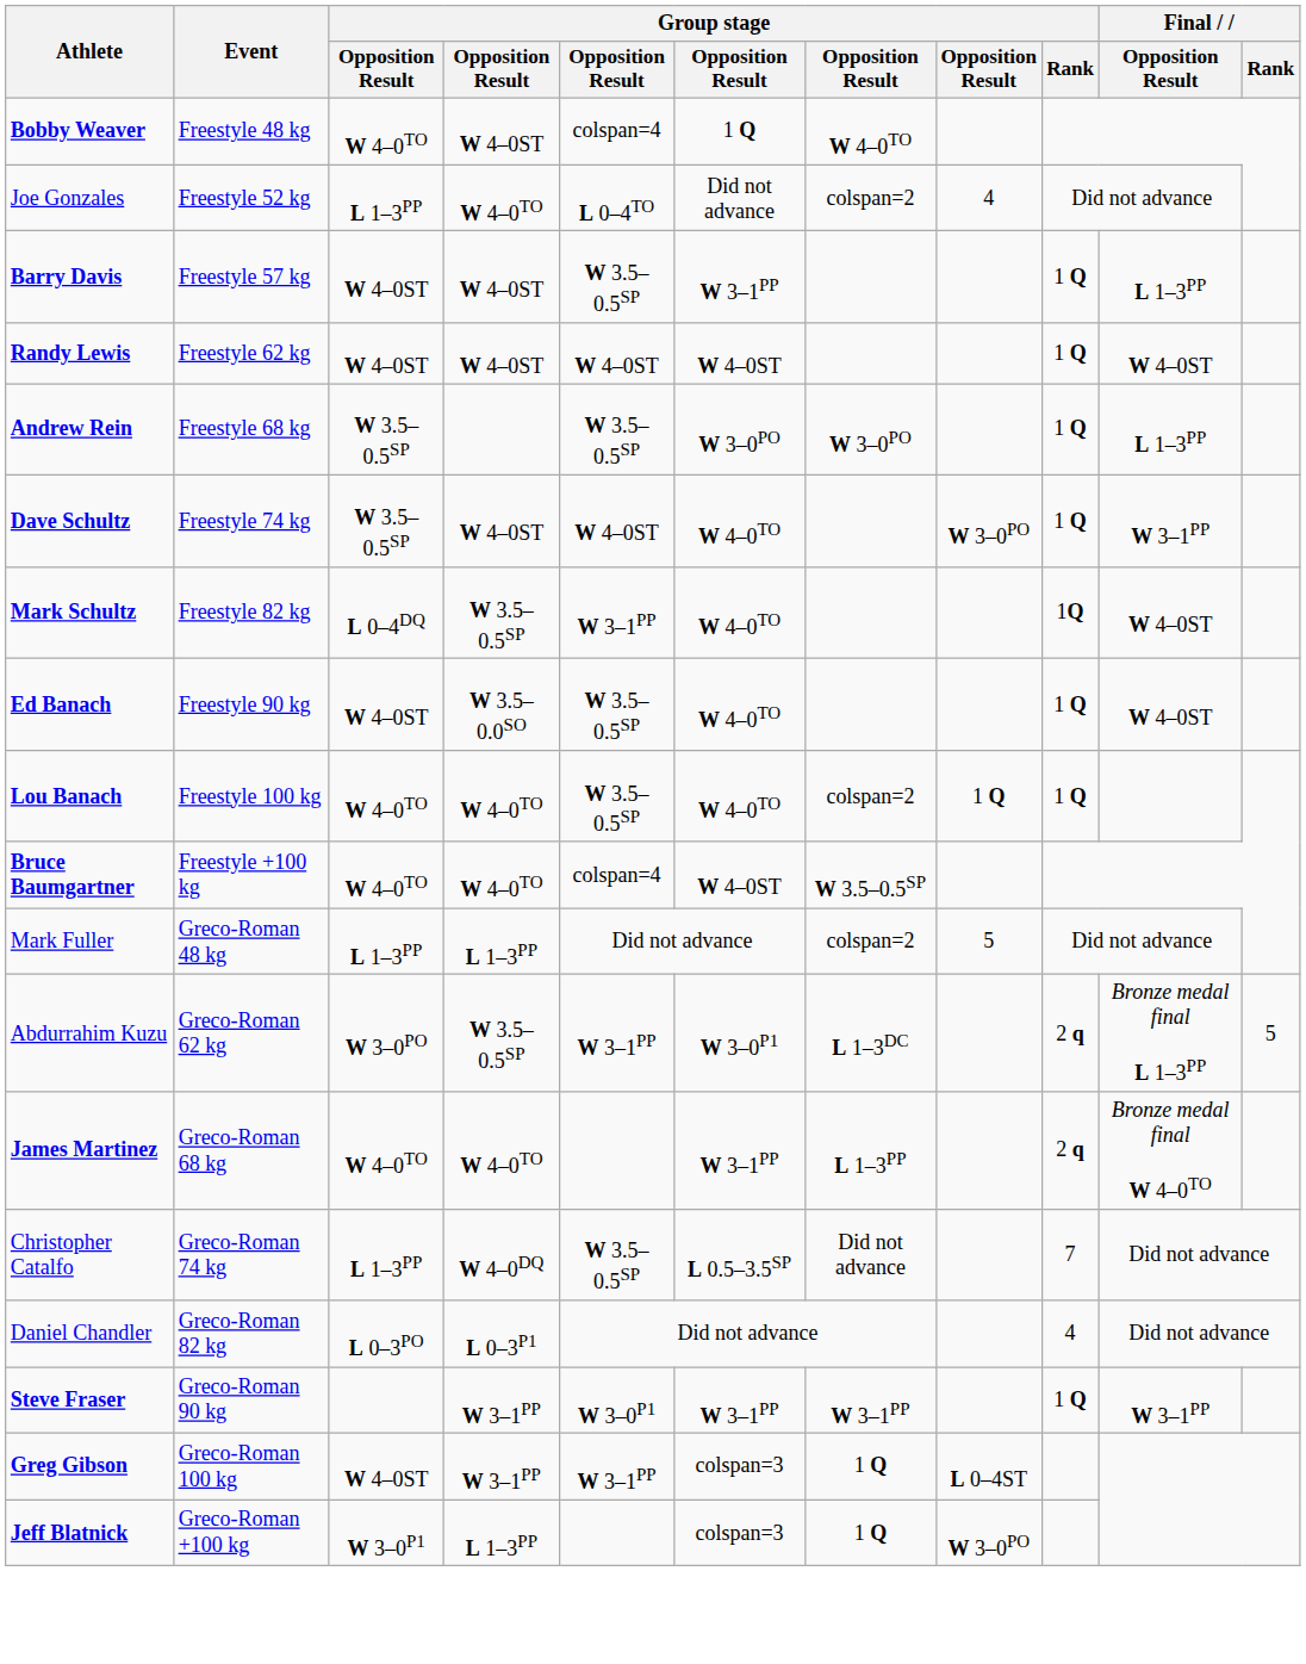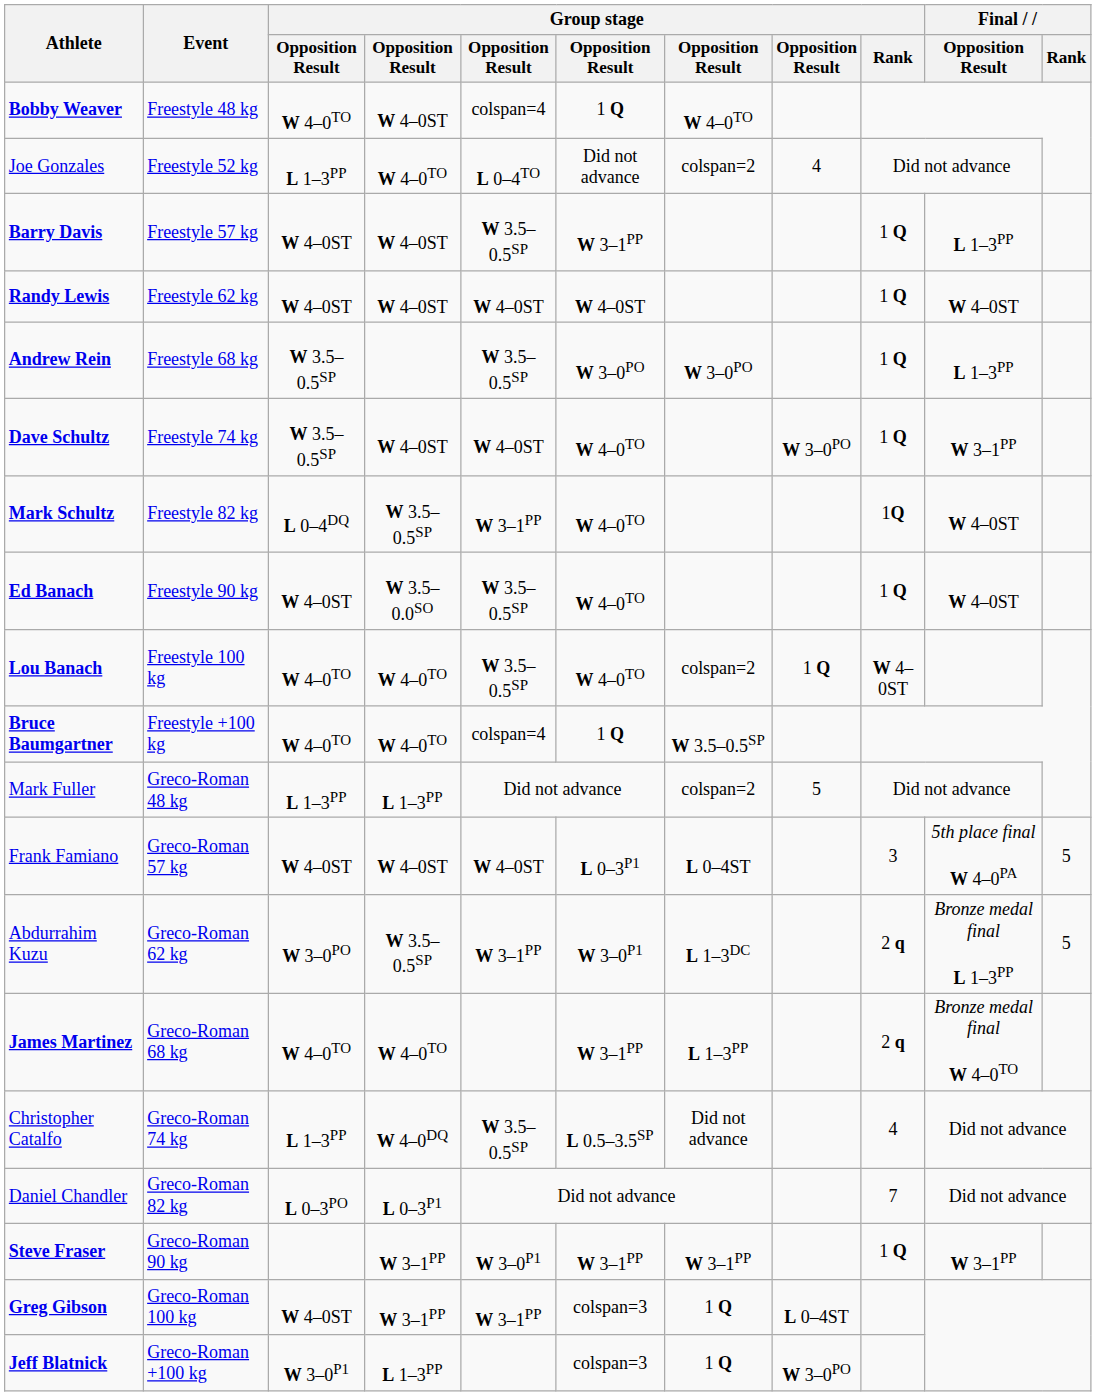 <table class=wikitable style=font-size:90%;text-align:center>
 <tr>
 <th rowspan=2>Athlete</th>
 <th rowspan=2>Event</th>
 <th colspan=7>Group stage</th>
 <th colspan=2>Final /  / </th>
 </tr>
 <tr style=font-size:95%>
 <th>Opposition<br>Result</th>
 <th>Opposition<br>Result</th>
 <th>Opposition<br>Result</th>
 <th>Opposition<br>Result</th>
 <th>Opposition<br>Result</th>
 <th>Opposition<br>Result</th>
 <th>Rank</th>
 <th>Opposition<br>Result</th>
 <th>Rank</th>
 </tr>
 <tr>
 <td align=left><strong><a href='#'>Bobby Weaver</a></strong></td>
 <td align=left><a href='#'>Freestyle 48 kg</a></td>
 <td><br><strong>W</strong> 4–0<sup>TO</sup></td>
 <td><br><strong>W</strong> 4–0ST</td>
 <td>colspan=4 </td>
 <td>1 <strong>Q</strong></td>
 <td><br><strong>W</strong> 4–0<sup>TO</sup></td>
 <td></td>
 </tr>
 <tr>
 <td align=left><a href='#'>Joe Gonzales</a></td>
 <td align=left><a href='#'>Freestyle 52 kg</a></td>
 <td><br><strong>L</strong> 1–3<sup>PP</sup></td>
 <td><br><strong>W</strong> 4–0<sup>TO</sup></td>
 <td><br><strong>L</strong> 0–4<sup>TO</sup></td>
 <td>Did not advance</td>
 <td>colspan=2 </td>
 <td>4</td>
 <td colspan=2>Did not advance</td>
 </tr>
 <tr>
 <td align=left><strong><a href='#'>Barry Davis</a></strong></td>
 <td align=left><a href='#'>Freestyle 57 kg</a></td>
 <td><br><strong>W</strong> 4–0ST</td>
 <td><br><strong>W</strong> 4–0ST</td>
 <td><br><strong>W</strong> 3.5–0.5<sup>SP</sup></td>
 <td><br><strong>W</strong> 3–1<sup>PP</sup></td>
 <td></td>
 <td></td>
 <td>1 <strong>Q</strong></td>
 <td><br><strong>L</strong> 1–3<sup>PP</sup></td>
 <td></td>
 </tr>
 <tr>
 <td align=left><strong><a href='#'>Randy Lewis</a></strong></td>
 <td align=left><a href='#'>Freestyle 62 kg</a></td>
 <td><br><strong>W</strong> 4–0ST</td>
 <td><br><strong>W</strong> 4–0ST</td>
 <td><br><strong>W</strong> 4–0ST</td>
 <td><br><strong>W</strong> 4–0ST</td>
 <td></td>
 <td></td>
 <td>1 <strong>Q</strong></td>
 <td><br><strong>W</strong> 4–0ST</td>
 <td></td>
 </tr>
 <tr>
 <td align=left><strong><a href='#'>Andrew Rein</a></strong></td>
 <td align=left><a href='#'>Freestyle 68 kg</a></td>
 <td><br><strong>W</strong> 3.5–0.5<sup>SP</sup></td>
 <td></td>
 <td><br><strong>W</strong> 3.5–0.5<sup>SP</sup></td>
 <td><br><strong>W</strong> 3–0<sup>PO</sup></td>
 <td><br><strong>W</strong> 3–0<sup>PO</sup></td>
 <td></td>
 <td>1 <strong>Q</strong></td>
 <td><br><strong>L</strong> 1–3<sup>PP</sup></td>
 <td></td>
 </tr>
 <tr>
 <td align=left><strong><a href='#'>Dave Schultz</a></strong></td>
 <td align=left><a href='#'>Freestyle 74 kg</a></td>
 <td><br><strong>W</strong> 3.5–0.5<sup>SP</sup></td>
 <td><br><strong>W</strong> 4–0ST</td>
 <td><br><strong>W</strong> 4–0ST</td>
 <td><br><strong>W</strong> 4–0<sup>TO</sup></td>
 <td></td>
 <td><br><strong>W</strong> 3–0<sup>PO</sup></td>
 <td>1 <strong>Q</strong></td>
 <td><br><strong>W</strong> 3–1<sup>PP</sup></td>
 <td></td>
 </tr>
 <tr>
 <td align=left><strong><a href='#'>Mark Schultz</a></strong></td>
 <td align=left><a href='#'>Freestyle 82 kg</a></td>
 <td><br><strong>L</strong> 0–4<sup>DQ</sup></td>
 <td><br><strong>W</strong> 3.5–0.5<sup>SP</sup></td>
 <td><br><strong>W</strong> 3–1<sup>PP</sup></td>
 <td><br><strong>W</strong> 4–0<sup>TO</sup></td>
 <td></td>
 <td></td>
 <td>1<strong>Q</strong></td>
 <td><br><strong>W</strong> 4–0ST</td>
 <td></td>
 </tr>
 <tr>
 <td align=left><strong><a href='#'>Ed Banach</a></strong></td>
 <td align=left><a href='#'>Freestyle 90 kg</a></td>
 <td><br><strong>W</strong> 4–0ST</td>
 <td><br><strong>W</strong> 3.5–0.0<sup>SO</sup></td>
 <td><br><strong>W</strong> 3.5–0.5<sup>SP</sup></td>
 <td><br><strong>W</strong> 4–0<sup>TO</sup></td>
 <td></td>
 <td></td>
 <td>1 <strong>Q</strong></td>
 <td><br><strong>W</strong> 4–0ST</td>
 <td></td>
 </tr>
 <tr>
 <td align=left><strong><a href='#'>Lou Banach</a></strong></td>
 <td align=left><a href='#'>Freestyle 100 kg</a></td>
 <td><br><strong>W</strong> 4–0<sup>TO</sup></td>
 <td><br><strong>W</strong> 4–0<sup>TO</sup></td>
 <td><br><strong>W</strong> 3.5–0.5<sup>SP</sup></td>
 <td><br><strong>W</strong> 4–0<sup>TO</sup></td>
 <td>colspan=2 </td>
 <td>1 <strong>Q</strong></td>
-<td>1 <strong>Q</strong></td>
+<td><br><strong>W</strong> 4–0ST</td>
 <td></td>
 </tr>
 <tr>
 <td align=left><strong><a href='#'>Bruce Baumgartner</a></strong></td>
 <td align=left><a href='#'>Freestyle +100 kg</a></td>
 <td><br><strong>W</strong> 4–0<sup>TO</sup></td>
 <td><br><strong>W</strong> 4–0<sup>TO</sup></td>
 <td>colspan=4 </td>
-<td><br><strong>W</strong> 4–0ST</td>
+<td>1 <strong>Q</strong></td>
 <td><br><strong>W</strong> 3.5–0.5<sup>SP</sup></td>
 <td></td>
 </tr>
 <tr>
 <td align=left><a href='#'>Mark Fuller</a></td>
 <td align=left><a href='#'>Greco-Roman 48 kg</a></td>
 <td><br><strong>L</strong> 1–3<sup>PP</sup></td>
 <td><br><strong>L</strong> 1–3<sup>PP</sup></td>
 <td colspan=2>Did not advance</td>
 <td>colspan=2 </td>
 <td>5</td>
 <td colspan=2>Did not advance</td>
+</tr>
+<tr>
+<td align=left><a href='#'>Frank Famiano</a></td>
+<td align=left><a href='#'>Greco-Roman 57 kg</a></td>
+<td><br><strong>W</strong> 4–0ST</td>
+<td><br><strong>W</strong> 4–0ST</td>
+<td><br><strong>W</strong> 4–0ST</td>
+<td><br><strong>L</strong> 0–3<sup>P1</sup></td>
+<td><br><strong>L</strong> 0–4ST</td>
+<td></td>
+<td>3</td>
+<td><em>5th place final</em><br><br><strong>W</strong> 4–0<sup>PA</sup></td>
+<td>5</td>
 </tr>
 <tr>
 <td align=left><a href='#'>Abdurrahim Kuzu</a></td>
 <td align=left><a href='#'>Greco-Roman 62 kg</a></td>
 <td><br><strong>W</strong> 3–0<sup>PO</sup></td>
 <td><br><strong>W</strong> 3.5–0.5<sup>SP</sup></td>
 <td><br><strong>W</strong> 3–1<sup>PP</sup></td>
 <td><br><strong>W</strong> 3–0<sup>P1</sup></td>
 <td><br><strong>L</strong> 1–3<sup>DC</sup></td>
 <td></td>
 <td>2 <strong>q</strong></td>
 <td><em>Bronze medal final</em><br><br><strong>L</strong> 1–3<sup>PP</sup></td>
 <td>5</td>
 </tr>
 <tr>
 <td align=left><strong><a href='#'>James Martinez</a></strong></td>
 <td align=left><a href='#'>Greco-Roman 68 kg</a></td>
 <td><br><strong>W</strong> 4–0<sup>TO</sup></td>
 <td><br><strong>W</strong> 4–0<sup>TO</sup></td>
 <td></td>
 <td><br><strong>W</strong> 3–1<sup>PP</sup></td>
 <td><br><strong>L</strong> 1–3<sup>PP</sup></td>
 <td></td>
 <td>2 <strong>q</strong></td>
 <td><em>Bronze medal final</em><br><br><strong>W</strong> 4–0<sup>TO</sup></td>
 <td></td>
 </tr>
 <tr>
 <td align=left><a href='#'>Christopher Catalfo</a></td>
 <td align=left><a href='#'>Greco-Roman 74 kg</a></td>
 <td><br><strong>L</strong> 1–3<sup>PP</sup></td>
 <td><br><strong>W</strong> 4–0<sup>DQ</sup></td>
 <td><br><strong>W</strong> 3.5–0.5<sup>SP</sup></td>
 <td><br><strong>L</strong> 0.5–3.5<sup>SP</sup></td>
 <td>Did not advance</td>
 <td></td>
-<td>7</td>
+<td>4</td>
 <td colspan=2>Did not advance</td>
 </tr>
 <tr>
 <td align=left><a href='#'>Daniel Chandler</a></td>
 <td align=left><a href='#'>Greco-Roman 82 kg</a></td>
 <td><br><strong>L</strong> 0–3<sup>PO</sup></td>
 <td><br><strong>L</strong> 0–3<sup>P1</sup></td>
 <td colspan=3>Did not advance</td>
 <td></td>
-<td>4</td>
+<td>7</td>
 <td colspan=2>Did not advance</td>
 </tr>
 <tr>
 <td align=left><strong><a href='#'>Steve Fraser</a></strong></td>
 <td align=left><a href='#'>Greco-Roman 90 kg</a></td>
 <td></td>
 <td><br><strong>W</strong> 3–1<sup>PP</sup></td>
 <td><br><strong>W</strong> 3–0<sup>P1</sup></td>
 <td><br><strong>W</strong> 3–1<sup>PP</sup></td>
 <td><br><strong>W</strong> 3–1<sup>PP</sup></td>
 <td></td>
 <td>1 <strong>Q</strong></td>
 <td><br><strong>W</strong> 3–1<sup>PP</sup></td>
 <td></td>
 </tr>
 <tr>
 <td align=left><strong><a href='#'>Greg Gibson</a></strong></td>
 <td align=left><a href='#'>Greco-Roman 100 kg</a></td>
 <td><br><strong>W</strong> 4–0ST</td>
 <td><br><strong>W</strong> 3–1<sup>PP</sup></td>
 <td><br><strong>W</strong> 3–1<sup>PP</sup></td>
 <td>colspan=3 </td>
 <td>1 <strong>Q</strong></td>
 <td><br><strong>L</strong> 0–4ST</td>
 <td></td>
 </tr>
 <tr>
 <td align=left><strong><a href='#'>Jeff Blatnick</a></strong></td>
 <td align=left><a href='#'>Greco-Roman +100 kg</a></td>
 <td><br><strong>W</strong> 3–0<sup>P1</sup></td>
 <td><br><strong>L</strong> 1–3<sup>PP</sup></td>
 <td></td>
 <td>colspan=3 </td>
 <td>1 <strong>Q</strong></td>
 <td><br><strong>W</strong> 3–0<sup>PO</sup></td>
 <td></td>
 </tr>
 </table>
